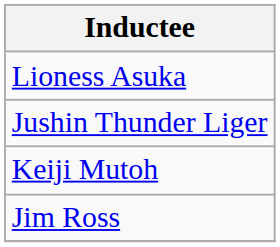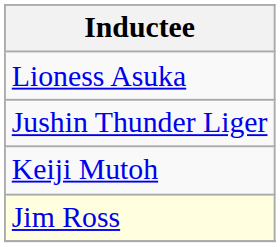 <table class="wikitable">
 <tr>
 <th>Inductee</th>
 </tr>
 <tr>
 <td><a href='#'>Lioness Asuka</a></td>
 </tr>
 <tr>
 <td><a href='#'>Jushin Thunder Liger</a></td>
 </tr>
 <tr>
 <td><a href='#'>Keiji Mutoh</a></td>
 </tr>
 <tr>
-<td><a href='#'>Jim Ross</a></td>
+<td style="background: lightyellow;"><a href='#'>Jim Ross</a></td>
 </tr>
 <tr>
 </tr>
 </table>
